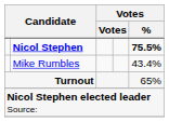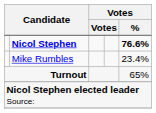 <table class="wikitable" style="font-size: 95%;">
 <tr style="background-color:#E9E9E9">
 <th colspan="2" scope="col" rowspan="2" width="125">Candidate</th>
 <th scope="col" colspan="3" width="75">Votes</th>
 </tr>
 <tr style="background-color:#E9E9E9; border-bottom: 2px solid gray;">
 <th scope="col" colspan="2">Votes</th>
 <th>%</th>
 </tr>
 <tr align="right">
 <td style="background-color: "></td>
 <td scope="row" align="left"><strong><a href='#'>Nicol Stephen</a></strong> </td>
 <td></td>
 <td align=center></td>
-<td><strong>75.5%</strong></td>
+<td><strong>76.6%</strong></td>
 </tr>
 <tr align="right">
 <td style="background-color: "></td>
 <td scope="row" align="left"><a href='#'>Mike Rumbles</a></td>
 <td></td>
 <td align=center></td>
-<td>43.4%</td>
+<td>23.4%</td>
 </tr>
 <tr style="background-color:#F6F6F6">
 <td colspan="2" align="right"><strong>Turnout</strong></td>
 <td colspan="2" align="left"></td>
 <td align="right">65%</td>
 </tr>
 <tr>
 </tr>
 <tr style="background-color:#F6F6F6">
 <td colspan="5"><strong>Nicol Stephen elected leader</strong><br><small>Source:</small></td>
 </tr>
 <tr>
 </tr>
 </table>
